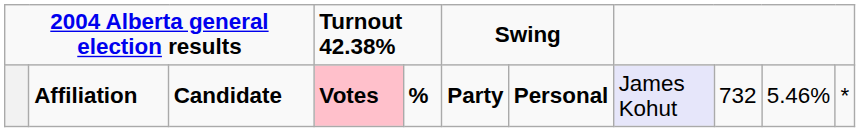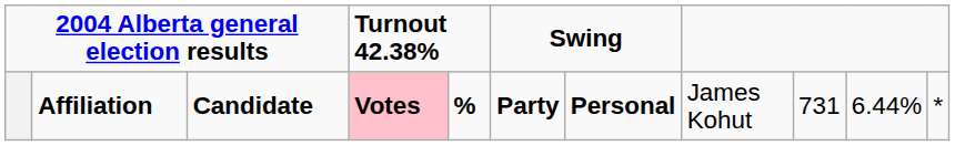 <table class="wikitable">
 <tr>
 <td colspan="3" align=center><strong><a href='#'>2004 Alberta general election</a> results</strong></td>
 <td colspan="2"><strong>Turnout 42.38%</strong></td>
 <td colspan="2" align=center><strong>Swing</strong></td>
 </tr>
 <tr>
 <th style="width: 10px;"></th>
 <td><strong>Affiliation</strong></td>
 <td><strong>Candidate</strong></td>
 <td style="background: pink;"><strong>Votes</strong></td>
 <td><strong>%</strong></td>
 <td><strong>Party</strong></td>
 <td><strong>Personal</strong><br>   </td>
-<td style="background: lavender;">James Kohut</td>
-<td>732</td>
-<td>5.46%</td>
+<td>James Kohut</td>
+<td>731</td>
+<td>6.44%</td>
 <td colspan=2 align=center>*<br>    </td>
 </tr>
 </table>
